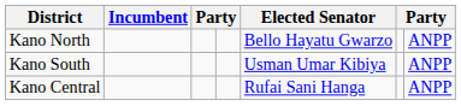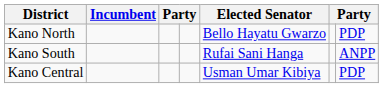 <table class="sortable wikitable" style="font-size:95%;line-height:14px;">
 <tr>
 <th class="unsortable">District</th>
 <th class="unsortable"><a href='#'>Incumbent</a></th>
 <th colspan="2">Party</th>
 <th class="unsortable">Elected Senator</th>
 <th colspan="2">Party</th>
 </tr>
 <tr>
 <td>Kano North</td>
 <td></td>
 <td></td>
 <td></td>
 <td><a href='#'>Bello Hayatu Gwarzo</a></td>
 <td style="background:"></td>
-<td><a href='#'>ANPP</a></td>
+<td><a href='#'>PDP</a></td>
 </tr>
 <tr>
 <td>Kano South</td>
 <td></td>
 <td></td>
 <td></td>
-<td><a href='#'>Usman Umar Kibiya</a></td>
+<td><a href='#'>Rufai Sani Hanga</a></td>
 <td style="background:"></td>
 <td><a href='#'>ANPP</a></td>
 </tr>
 <tr>
 <td>Kano Central</td>
 <td></td>
 <td></td>
 <td></td>
-<td><a href='#'>Rufai Sani Hanga</a></td>
+<td><a href='#'>Usman Umar Kibiya</a></td>
 <td style="background:"></td>
-<td><a href='#'>ANPP</a></td>
+<td><a href='#'>PDP</a></td>
 </tr>
 </table>
